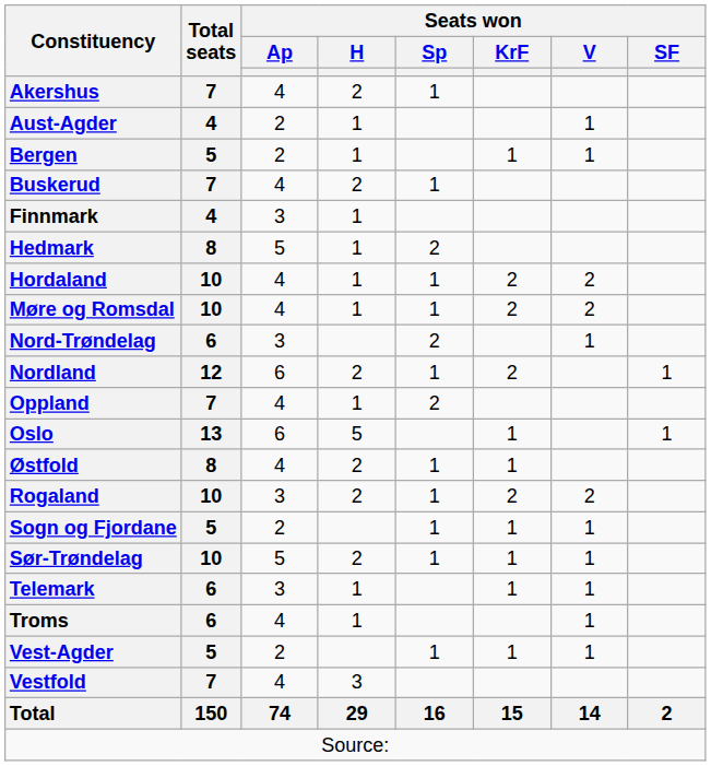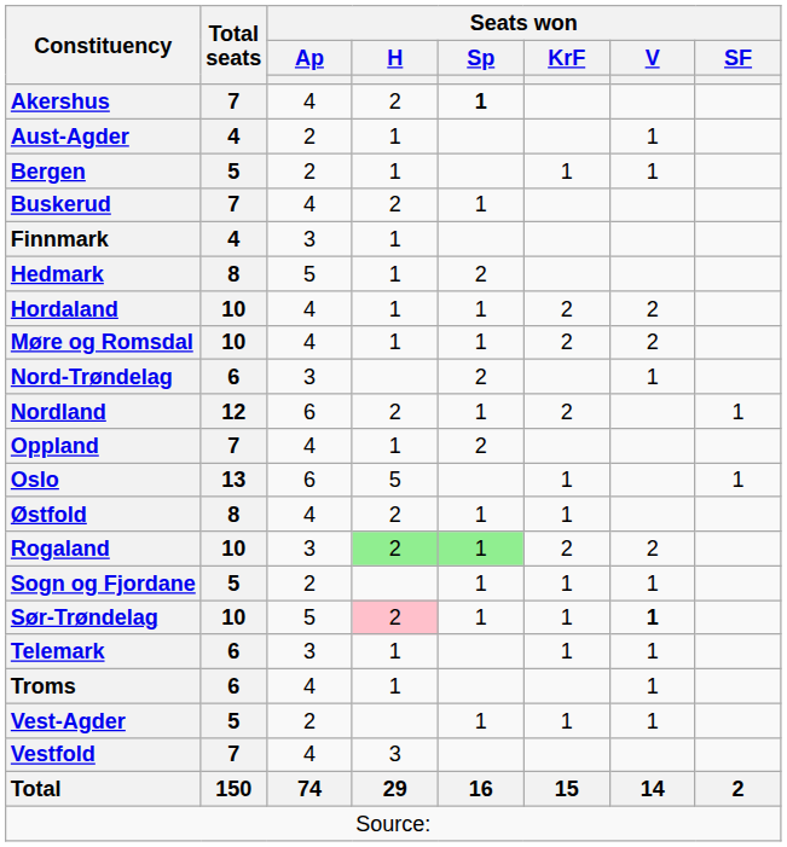 <table class="wikitable" style="text-align:center; font-size: 0.9em;">
 <tr>
 <th rowspan="3">Constituency</th>
 <th rowspan="3">Total<br>seats</th>
 <th colspan="6">Seats won</th>
 </tr>
 <tr>
 <th class="unsortable" style="width:50px;"><a href='#'>Ap</a></th>
 <th class="unsortable" style="width:50px;"><a href='#'>H</a></th>
 <th class="unsortable" style="width:50px;"><a href='#'>Sp</a></th>
 <th class="unsortable" style="width:50px;"><a href='#'>KrF</a></th>
 <th class="unsortable" style="width:50px;"><a href='#'>V</a></th>
 <th class="unsortable" style="width:50px;"><a href='#'>SF</a></th>
 </tr>
 <tr>
 <th style="background:"></th>
 <th style="background:"></th>
 <th style="background:"></th>
 <th style="background:"></th>
 <th style="background:"></th>
 <th style="background:"></th>
 </tr>
 <tr>
 <th style="text-align: left;"><a href='#'>Akershus</a></th>
 <th>7</th>
 <td>4</td>
 <td>2</td>
-<td>1</td>
+<td><strong>1</strong></td>
 <td></td>
 <td></td>
 <td></td>
 </tr>
 <tr>
 <th style="text-align: left;"><a href='#'>Aust-Agder</a></th>
 <th>4</th>
 <td>2</td>
 <td>1</td>
 <td></td>
 <td></td>
 <td>1</td>
 <td></td>
 </tr>
 <tr>
 <th style="text-align: left;"><a href='#'>Bergen</a></th>
 <th>5</th>
 <td>2</td>
 <td>1</td>
 <td></td>
 <td>1</td>
 <td>1</td>
 <td></td>
 </tr>
 <tr>
 <th style="text-align: left;"><a href='#'>Buskerud</a></th>
 <th>7</th>
 <td>4</td>
 <td>2</td>
 <td>1</td>
 <td></td>
 <td></td>
 <td></td>
 </tr>
 <tr>
 <th style="text-align: left;">Finnmark</th>
 <th>4</th>
 <td>3</td>
 <td>1</td>
 <td></td>
 <td></td>
 <td></td>
 <td></td>
 </tr>
 <tr>
 <th style="text-align: left;"><a href='#'>Hedmark</a></th>
 <th>8</th>
 <td>5</td>
 <td>1</td>
 <td>2</td>
 <td></td>
 <td></td>
 <td></td>
 </tr>
 <tr>
 <th style="text-align: left;"><a href='#'>Hordaland</a></th>
 <th>10</th>
 <td>4</td>
 <td>1</td>
 <td>1</td>
 <td>2</td>
 <td>2</td>
 <td></td>
 </tr>
 <tr>
 <th style="text-align: left;"><a href='#'>Møre og Romsdal</a></th>
 <th>10</th>
 <td>4</td>
 <td>1</td>
 <td>1</td>
 <td>2</td>
 <td>2</td>
 <td></td>
 </tr>
 <tr>
 <th style="text-align: left;"><a href='#'>Nord-Trøndelag</a></th>
 <th>6</th>
 <td>3</td>
 <td></td>
 <td>2</td>
 <td></td>
 <td>1</td>
 <td></td>
 </tr>
 <tr>
 <th style="text-align: left;"><a href='#'>Nordland</a></th>
 <th>12</th>
 <td>6</td>
 <td>2</td>
 <td>1</td>
 <td>2</td>
 <td></td>
 <td>1</td>
 </tr>
 <tr>
 <th style="text-align: left;"><a href='#'>Oppland</a></th>
 <th>7</th>
 <td>4</td>
 <td>1</td>
 <td>2</td>
 <td></td>
 <td></td>
 <td></td>
 </tr>
 <tr>
 <th style="text-align: left;"><a href='#'>Oslo</a></th>
 <th>13</th>
 <td>6</td>
 <td>5</td>
 <td></td>
 <td>1</td>
 <td></td>
 <td>1</td>
 </tr>
 <tr>
 <th style="text-align: left;"><a href='#'>Østfold</a></th>
 <th>8</th>
 <td>4</td>
 <td>2</td>
 <td>1</td>
 <td>1</td>
 <td></td>
 <td></td>
 </tr>
 <tr>
 <th style="text-align: left;"><a href='#'>Rogaland</a></th>
 <th>10</th>
 <td>3</td>
-<td>2</td>
-<td>1</td>
+<td style="background: lightgreen;">2</td>
+<td style="background: lightgreen;">1</td>
 <td>2</td>
 <td>2</td>
 <td></td>
 </tr>
 <tr>
 <th style="text-align: left;"><a href='#'>Sogn og Fjordane</a></th>
 <th>5</th>
 <td>2</td>
 <td></td>
 <td>1</td>
 <td>1</td>
 <td>1</td>
 <td></td>
 </tr>
 <tr>
 <th style="text-align: left;"><a href='#'>Sør-Trøndelag</a></th>
 <th>10</th>
 <td>5</td>
-<td>2</td>
+<td style="background: pink;">2</td>
 <td>1</td>
 <td>1</td>
-<td>1</td>
+<td><strong>1</strong></td>
 <td></td>
 </tr>
 <tr>
 <th style="text-align: left;"><a href='#'>Telemark</a></th>
 <th>6</th>
 <td>3</td>
 <td>1</td>
 <td></td>
 <td>1</td>
 <td>1</td>
 <td></td>
 </tr>
 <tr>
 <th style="text-align: left;">Troms</th>
 <th>6</th>
 <td>4</td>
 <td>1</td>
 <td></td>
 <td></td>
 <td>1</td>
 <td></td>
 </tr>
 <tr>
 <th style="text-align: left;"><a href='#'>Vest-Agder</a></th>
 <th>5</th>
 <td>2</td>
 <td></td>
 <td>1</td>
 <td>1</td>
 <td>1</td>
 <td></td>
 </tr>
 <tr>
 <th style="text-align: left;"><a href='#'>Vestfold</a></th>
 <th>7</th>
 <td>4</td>
 <td>3</td>
 <td></td>
 <td></td>
 <td></td>
 <td></td>
 </tr>
 <tr>
 <th style="text-align: left;">Total</th>
 <th>150</th>
 <th>74</th>
 <th>29</th>
 <th>16</th>
 <th>15</th>
 <th>14</th>
 <th>2</th>
 </tr>
 <tr>
 <td colspan="8">Source: </td>
 </tr>
 </table>
